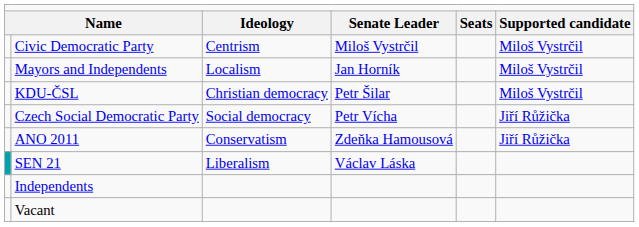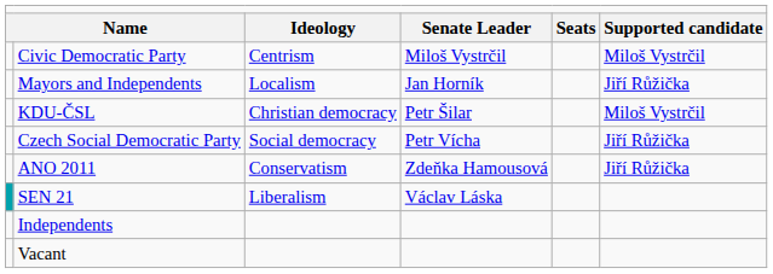 <table class="wikitable">
 <tr>
 <td colspan=6></td>
 </tr>
 <tr>
 <th colspan=2>Name</th>
 <th>Ideology</th>
 <th>Senate Leader</th>
 <th>Seats</th>
 <th>Supported candidate</th>
 </tr>
 <tr>
 <td style="background:"></td>
 <td><a href='#'>Civic Democratic Party</a></td>
 <td><a href='#'>Centrism</a></td>
 <td><a href='#'>Miloš Vystrčil</a></td>
 <td></td>
 <td><a href='#'>Miloš Vystrčil</a></td>
 </tr>
 <tr>
 <td style="background:"></td>
 <td><a href='#'>Mayors and Independents</a></td>
 <td><a href='#'>Localism</a></td>
 <td><a href='#'>Jan Horník</a></td>
 <td></td>
-<td><a href='#'>Miloš Vystrčil</a></td>
+<td><a href='#'>Jiří Růžička</a></td>
 </tr>
 <tr>
 <td style="background:"></td>
 <td><a href='#'>KDU-ČSL</a></td>
 <td><a href='#'>Christian democracy</a></td>
 <td><a href='#'>Petr Šilar</a></td>
 <td></td>
 <td><a href='#'>Miloš Vystrčil</a></td>
 </tr>
 <tr>
 <td style="background:"></td>
 <td><a href='#'>Czech Social Democratic Party</a></td>
 <td><a href='#'>Social democracy</a></td>
 <td><a href='#'>Petr Vícha</a></td>
 <td></td>
 <td><a href='#'>Jiří Růžička</a></td>
 </tr>
 <tr>
 <td style="background:"></td>
 <td><a href='#'>ANO 2011</a></td>
 <td><a href='#'>Conservatism</a></td>
 <td><a href='#'>Zdeňka Hamousová</a></td>
 <td></td>
 <td><a href='#'>Jiří Růžička</a></td>
 </tr>
 <tr>
 <td style="background:#00A2AD;"></td>
 <td><a href='#'>SEN 21</a></td>
 <td><a href='#'>Liberalism</a></td>
 <td><a href='#'>Václav Láska</a></td>
 <td></td>
 <td></td>
 </tr>
 <tr>
 <td style="background:"></td>
 <td><a href='#'>Independents</a></td>
 <td></td>
 <td></td>
 <td></td>
 <td></td>
 </tr>
 <tr>
 <td style="background:"></td>
 <td>Vacant</td>
 <td></td>
 <td></td>
 <td></td>
 <td></td>
 </tr>
 </table>
